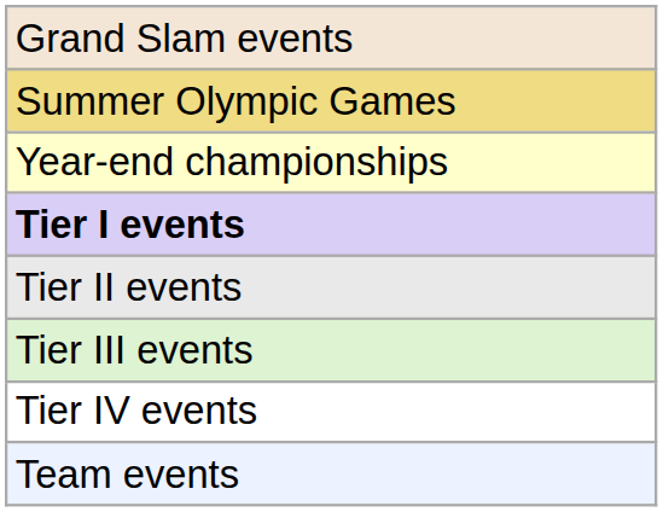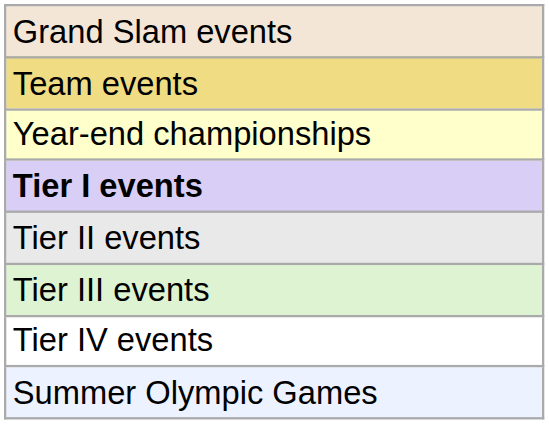 <table class=wikitable style=font-size:90%;width:15%>
 <tr style="background:#F3E6D7;">
 <td>Grand Slam events</td>
 </tr>
 <tr style="background:#f0dc82;">
-<td>Summer Olympic Games</td>
+<td>Team events</td>
 </tr>
 <tr bgcolor=#FFFFCC>
 <td>Year-end championships</td>
 </tr>
 <tr style="background:#d8cef6;">
 <td><strong>Tier I events</strong></td>
 </tr>
 <tr style="background:#E9E9E9;">
 <td>Tier II events</td>
 </tr>
 <tr style="background:#DDF3D1;">
 <td>Tier III events</td>
 </tr>
 <tr style="background:#fff;">
 <td>Tier IV events</td>
 </tr>
 <tr style="background:#ECF2FF;">
-<td>Team events</td>
+<td>Summer Olympic Games</td>
 </tr>
 </table>
